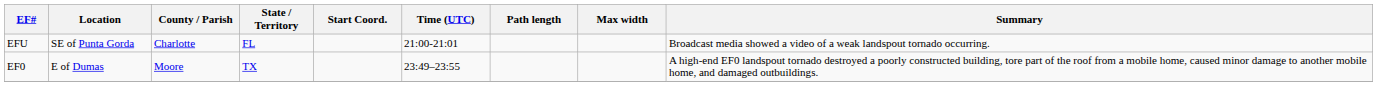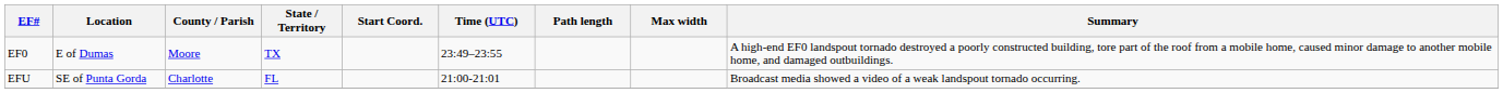 <table class="wikitable sortable" style="width:100%;">
 <tr>
 <th scope="col"  style="width:3%; text-align:center;"><a href='#'>EF#</a></th>
 <th scope="col"  style="width:7%; text-align:center;" class="unsortable">Location</th>
 <th scope="col"  style="width:6%; text-align:center;" class="unsortable">County / Parish</th>
 <th scope="col"  style="width:5%; text-align:center;">State / Territory</th>
 <th scope="col"  style="width:6%; text-align:center;">Start Coord.</th>
 <th scope="col"  style="width:6%; text-align:center;">Time (<a href='#'>UTC</a>)</th>
 <th scope="col"  style="width:6%; text-align:center;">Path length</th>
 <th scope="col"  style="width:6%; text-align:center;">Max width</th>
 <th scope="col" class="unsortable" style="width:48%; text-align:center;">Summary</th>
 </tr>
 <tr>
+<td>EF0</td>
+<td>E of <a href='#'>Dumas</a></td>
+<td><a href='#'>Moore</a></td>
+<td><a href='#'>TX</a></td>
+<td></td>
+<td>23:49–23:55</td>
+<td></td>
+<td></td>
+<td>A high-end EF0 landspout tornado destroyed a poorly constructed building, tore part of the roof from a mobile home, caused minor damage to another mobile home, and damaged outbuildings.</td>
+</tr>
+<tr>
 <td>EFU</td>
 <td>SE of <a href='#'>Punta Gorda</a></td>
 <td><a href='#'>Charlotte</a></td>
 <td><a href='#'>FL</a></td>
 <td></td>
 <td>21:00-21:01</td>
 <td></td>
 <td></td>
 <td>Broadcast media showed a video of a weak landspout tornado occurring.</td>
 </tr>
 <tr>
-<td>EF0</td>
-<td>E of <a href='#'>Dumas</a></td>
-<td><a href='#'>Moore</a></td>
-<td><a href='#'>TX</a></td>
-<td></td>
-<td>23:49–23:55</td>
-<td></td>
-<td></td>
-<td>A high-end EF0 landspout tornado destroyed a poorly constructed building, tore part of the roof from a mobile home, caused minor damage to another mobile home, and damaged outbuildings.</td>
-</tr>
-<tr>
 </tr>
 </table>
